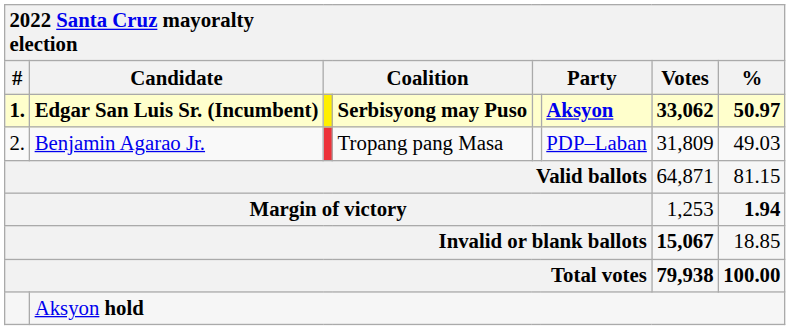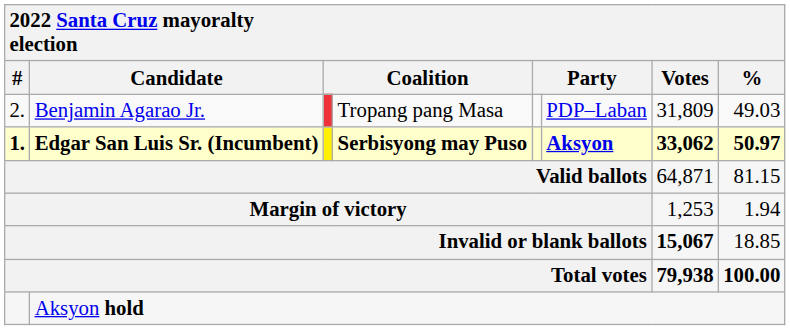 <table class="wikitable" style="text-align:right">
 <tr>
 <th colspan="8" style="text-align:left;">2022 <a href='#'>Santa Cruz</a> mayoralty<br>election</th>
 </tr>
 <tr>
 <th>#</th>
 <th>Candidate</th>
 <th colspan="2">Coalition</th>
 <th colspan="2">Party</th>
 <th>Votes</th>
 <th>%</th>
 </tr>
+<tr>
+<td style="text-align:center;">2.</td>
+<td style="text-align:left;"><a href='#'>Benjamin Agarao Jr.</a></td>
+<td style="background-color:#ED3239;"></td>
+<td style="text-align:left;">Tropang pang Masa</td>
+<td style="background:"></td>
+<td style="text-align:left;"><a href='#'>PDP–Laban</a></td>
+<td>31,809</td>
+<td>49.03</td>
+</tr>
 <tr style="background-color:#FFFFCC;">
 <td style="text-align:center;"><strong>1.</strong></td>
 <td style="text-align:left;"><strong>Edgar San Luis Sr. (Incumbent)</strong></td>
 <td style="background-color:#FFEF00;"></td>
 <td style="text-align:left;"><strong>Serbisyong may Puso</strong></td>
 <td style="background:"></td>
 <td style="text-align:left;"><strong><a href='#'>Aksyon</a></strong></td>
 <td><strong>33,062</strong></td>
 <td><strong>50.97</strong></td>
 </tr>
-<tr>
-<td style="text-align:center;">2.</td>
-<td style="text-align:left;"><a href='#'>Benjamin Agarao Jr.</a></td>
-<td style="background-color:#ED3239;"></td>
-<td style="text-align:left;">Tropang pang Masa</td>
-<td style="background:"></td>
-<td style="text-align:left;"><a href='#'>PDP–Laban</a></td>
-<td>31,809</td>
-<td>49.03</td>
-</tr>
 <tr style="background-color:#F6F6F6;">
 <th colspan="6" style="text-align:right;">Valid ballots</th>
 <td>64,871</td>
 <td>81.15</td>
 </tr>
 <tr style="background-color:#F6F6F6;">
 <th colspan="6"><strong>Margin of victory</strong></th>
 <td>1,253</td>
-<td><strong>1.94</strong></td>
+<td>1.94</td>
 </tr>
 <tr style="background-color:#F6F6F6;">
 <th colspan="6" style="text-align:right;">Invalid or blank ballots</th>
 <td><strong>15,067</strong></td>
 <td>18.85</td>
 </tr>
 <tr style="background-color:#F6F6F6;">
 <th colspan="6" style="text-align:right;">Total votes</th>
 <td><strong>79,938</strong></td>
 <td><strong>100.00</strong></td>
 </tr>
 <tr style="background-color:#F6F6F6;">
 <td style="background:"></td>
 <td colspan="7" style="text-align:left;"><a href='#'>Aksyon</a> <strong>hold</strong></td>
 </tr>
 </table>
